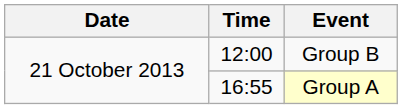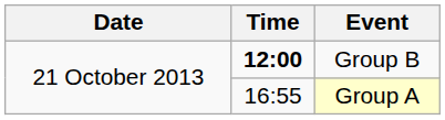 <table class = "wikitable" style="text-align:center;">
 <tr>
 <th width=150>Date</th>
 <th width=50>Time</th>
 <th width=80>Event</th>
 </tr>
 <tr>
 <td rowspan=2>21 October 2013</td>
-<td>12:00</td>
+<td><strong>12:00</strong></td>
 <td>Group B</td>
 </tr>
 <tr>
 <td>16:55</td>
 <td bgcolor=ffffcc>Group A</td>
 </tr>
 </table>
